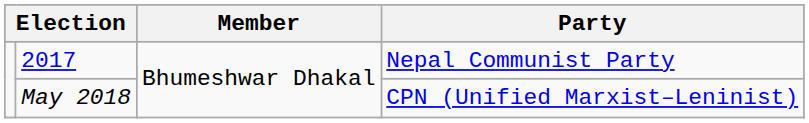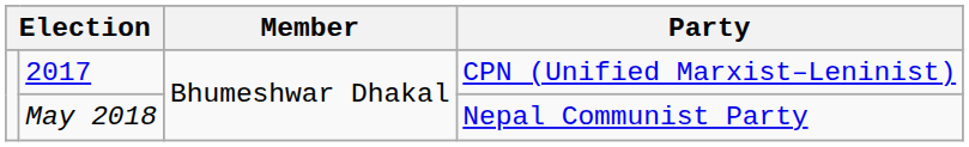 <table class="wikitable">
 <tr>
 <th colspan="2">Election</th>
 <th>Member</th>
 <th>Party</th>
 </tr>
 <tr>
 <td rowspan="2" style="background-color:"></td>
 <td><a href='#'>2017</a></td>
 <td rowspan="2">Bhumeshwar Dhakal</td>
-<td><a href='#'>Nepal Communist Party</a></td>
+<td><a href='#'>CPN (Unified Marxist–Leninist)</a></td>
 </tr>
 <tr>
 <td><em>May 2018</em></td>
-<td><a href='#'>CPN (Unified Marxist–Leninist)</a></td>
+<td><a href='#'>Nepal Communist Party</a></td>
 </tr>
 </table>
